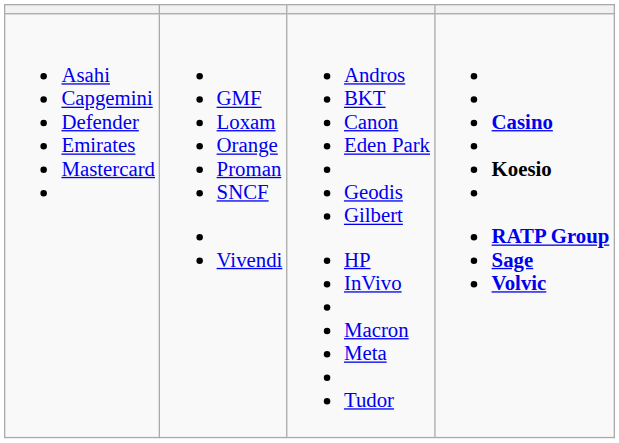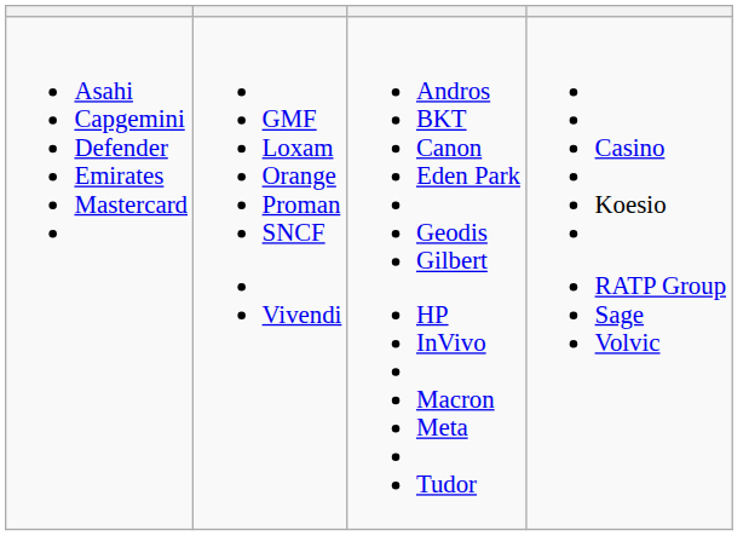 <table class="wikitable">
 <tr>
 <th></th>
 <th></th>
 <th></th>
 <th></th>
 </tr>
 <tr>
 <td style="vertical-align:top"><br><ul><li><a href='#'>Asahi</a></li><li><a href='#'>Capgemini</a></li><li><a href='#'>Defender</a></li><li><a href='#'>Emirates</a></li><li><a href='#'>Mastercard</a></li><li></li></ul></td>
 <td style="vertical-align:top;"><br> <ul><li></li><li><a href='#'>GMF</a></li><li><a href='#'>Loxam</a></li><li><a href='#'>Orange</a></li><li><a href='#'>Proman</a></li><li><a href='#'>SNCF</a></li></ul><ul><li></li><li><a href='#'>Vivendi</a></li></ul></td>
 <td style="vertical-align:top;"><br> <ul><li><a href='#'>Andros</a></li><li><a href='#'>BKT</a></li><li><a href='#'>Canon</a></li><li><a href='#'>Eden Park</a></li><li></li><li><a href='#'>Geodis</a></li><li><a href='#'>Gilbert</a></li></ul><ul><li><a href='#'>HP</a></li><li><a href='#'>InVivo</a></li><li></li><li><a href='#'>Macron</a></li><li><a href='#'>Meta</a></li><li></li><li><a href='#'>Tudor</a></li></ul></td>
-<td style="vertical-align:top;"><strong><br> <ul><li></li><li></li><li><a href='#'>Casino</a></li><li></li><li>Koesio</li><li></li></ul><ul><li><a href='#'>RATP Group</a></li><li><a href='#'>Sage</a></li><li><a href='#'>Volvic</a></li></ul></strong></td>
+<td style="vertical-align:top;"><br> <ul><li></li><li></li><li><a href='#'>Casino</a></li><li></li><li>Koesio</li><li></li></ul><ul><li><a href='#'>RATP Group</a></li><li><a href='#'>Sage</a></li><li><a href='#'>Volvic</a></li></ul></td>
 </tr>
 </table>
